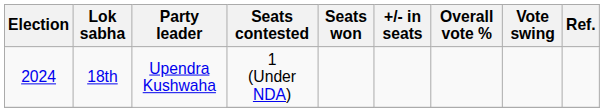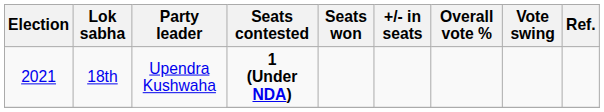 <table class="wikitable" style="text-align:center">
 <tr>
 <th style="background-color:">Election</th>
 <th style="background-color:">Lok sabha</th>
 <th style="background-color:">Party leader</th>
 <th style="background-color:">Seats contested</th>
 <th style="background-color:">Seats won</th>
 <th style="background-color:">+/- in seats</th>
 <th style="background-color:">Overall vote %</th>
 <th style="background-color:">Vote swing</th>
 <th style="background-color:">Ref.</th>
 </tr>
 <tr>
-<td><a href='#'>2024</a></td>
+<td><a href='#'>2021</a></td>
 <td><a href='#'>18th</a></td>
 <td rowspan=3><a href='#'>Upendra Kushwaha</a></td>
-<td>1<br>(Under <a href='#'>NDA</a>)</td>
+<td><strong>1<br>(Under <a href='#'>NDA</a>)</strong></td>
 <td></td>
 <td></td>
 <td></td>
 <td></td>
 <td></td>
 </tr>
 <tr>
 </tr>
 </table>
